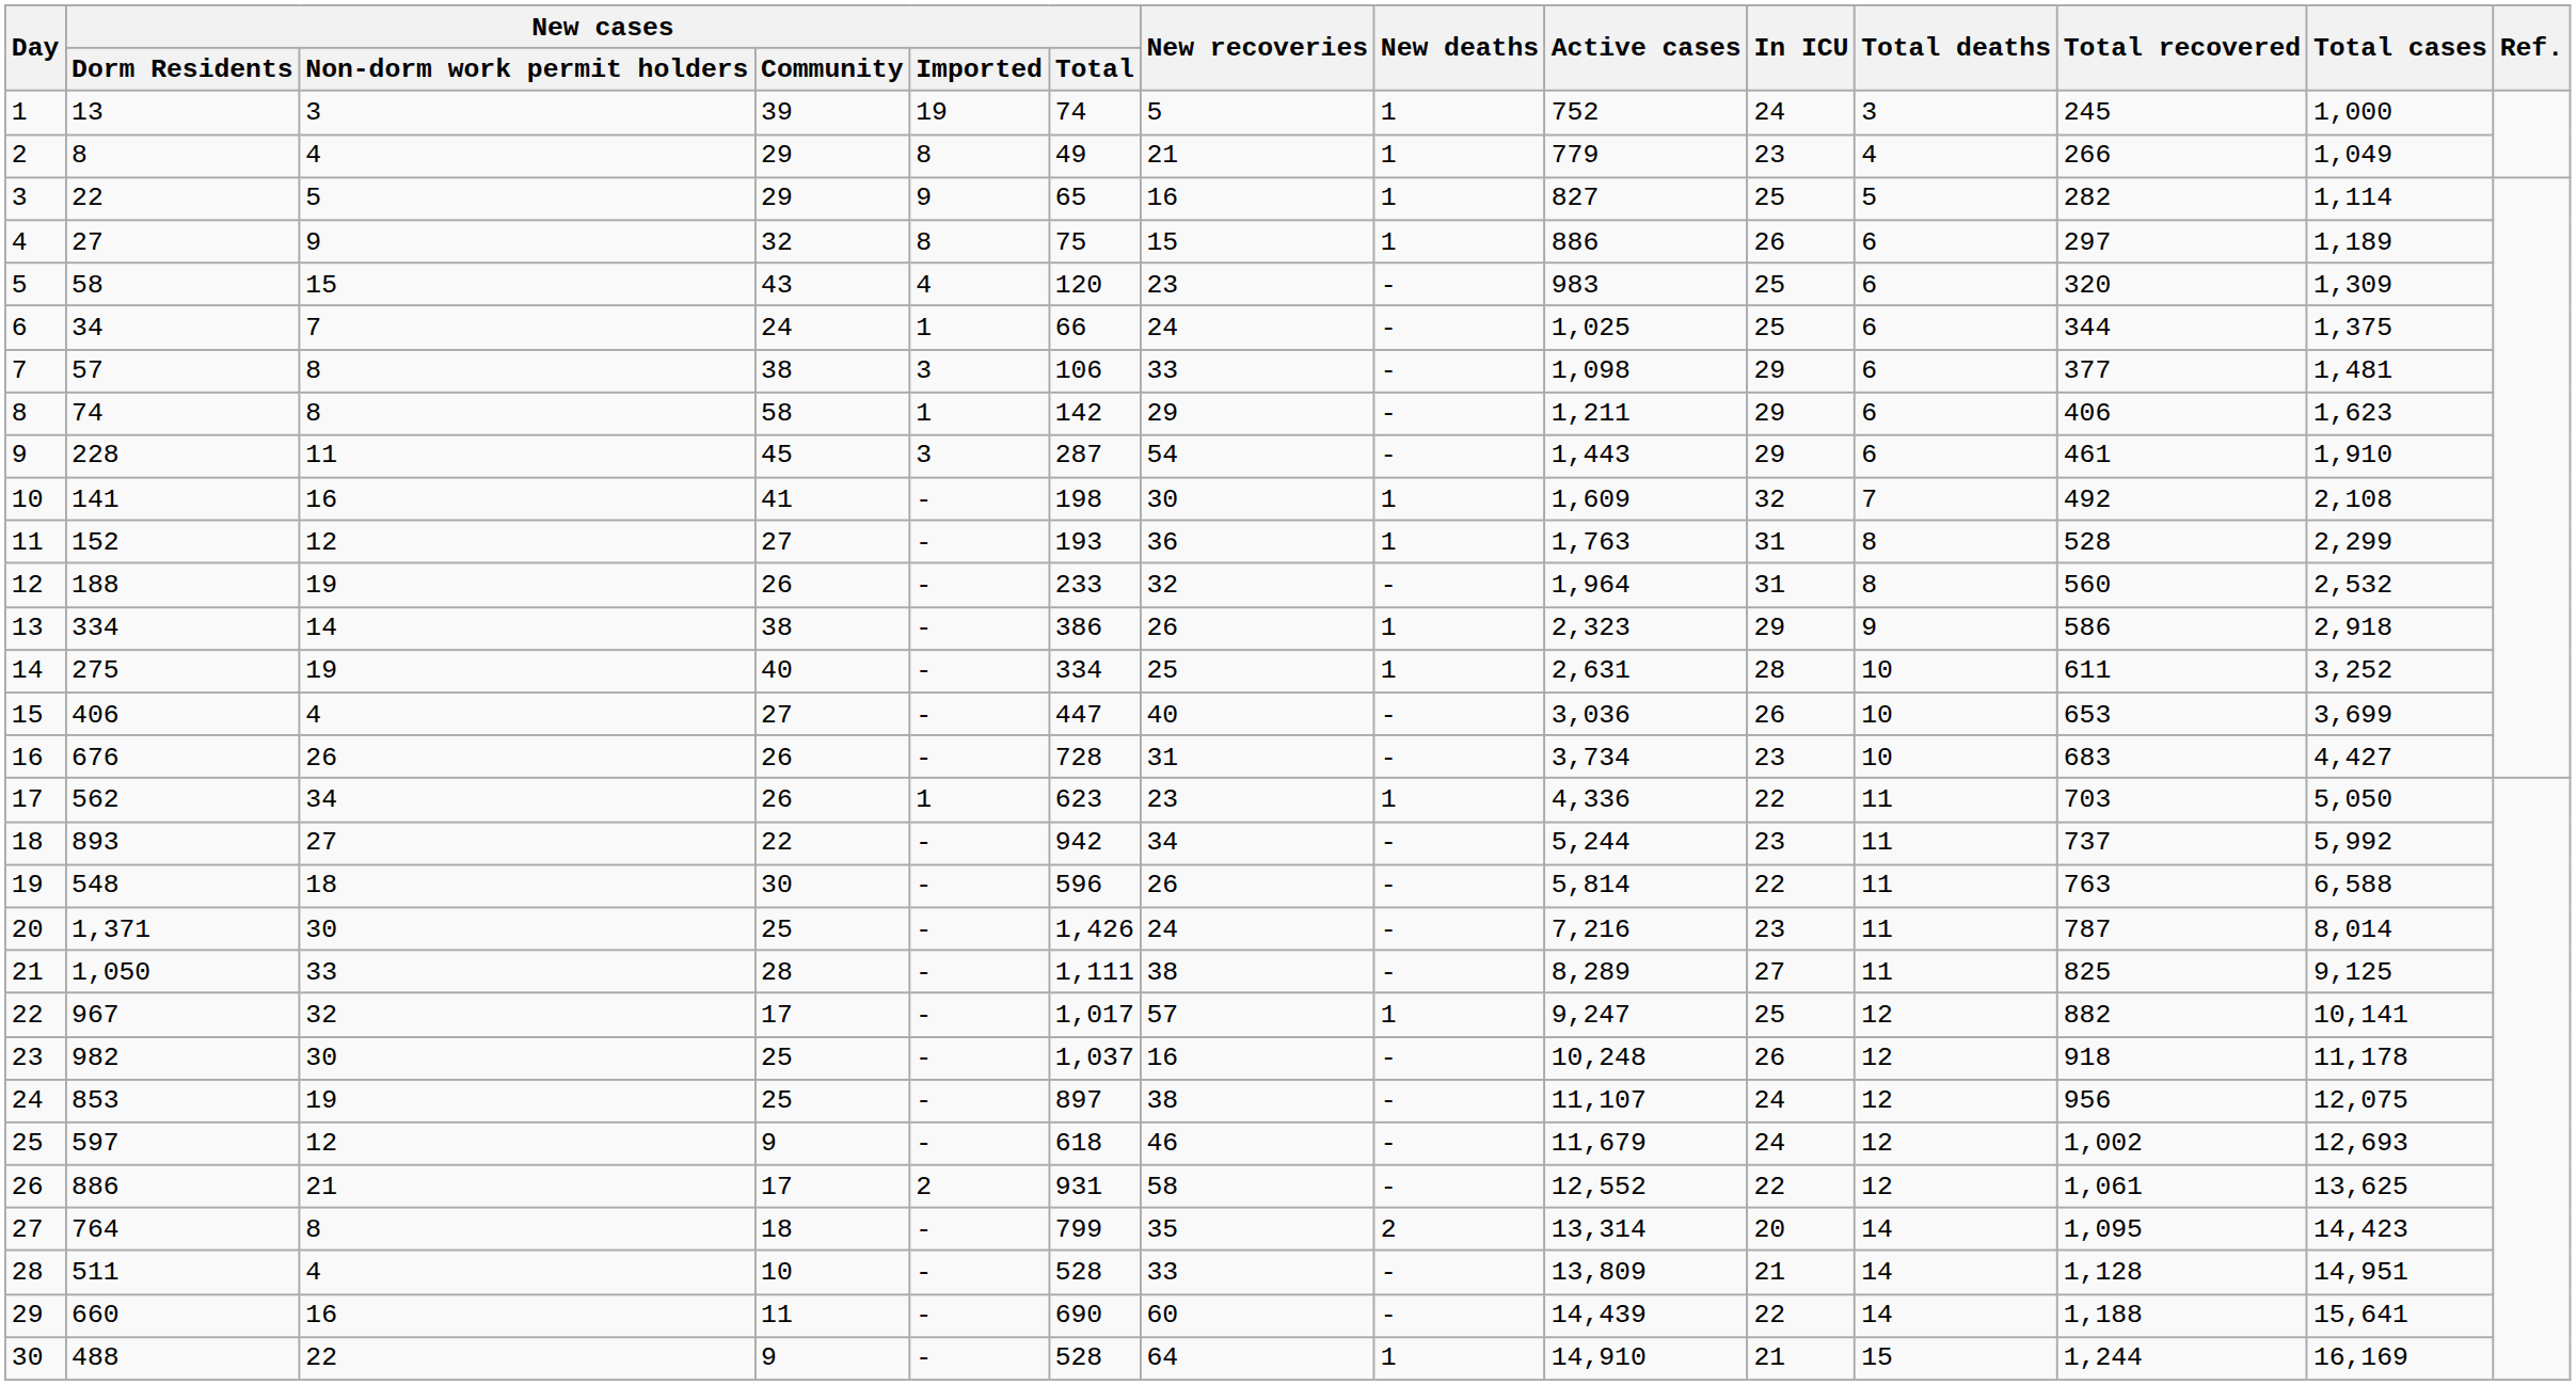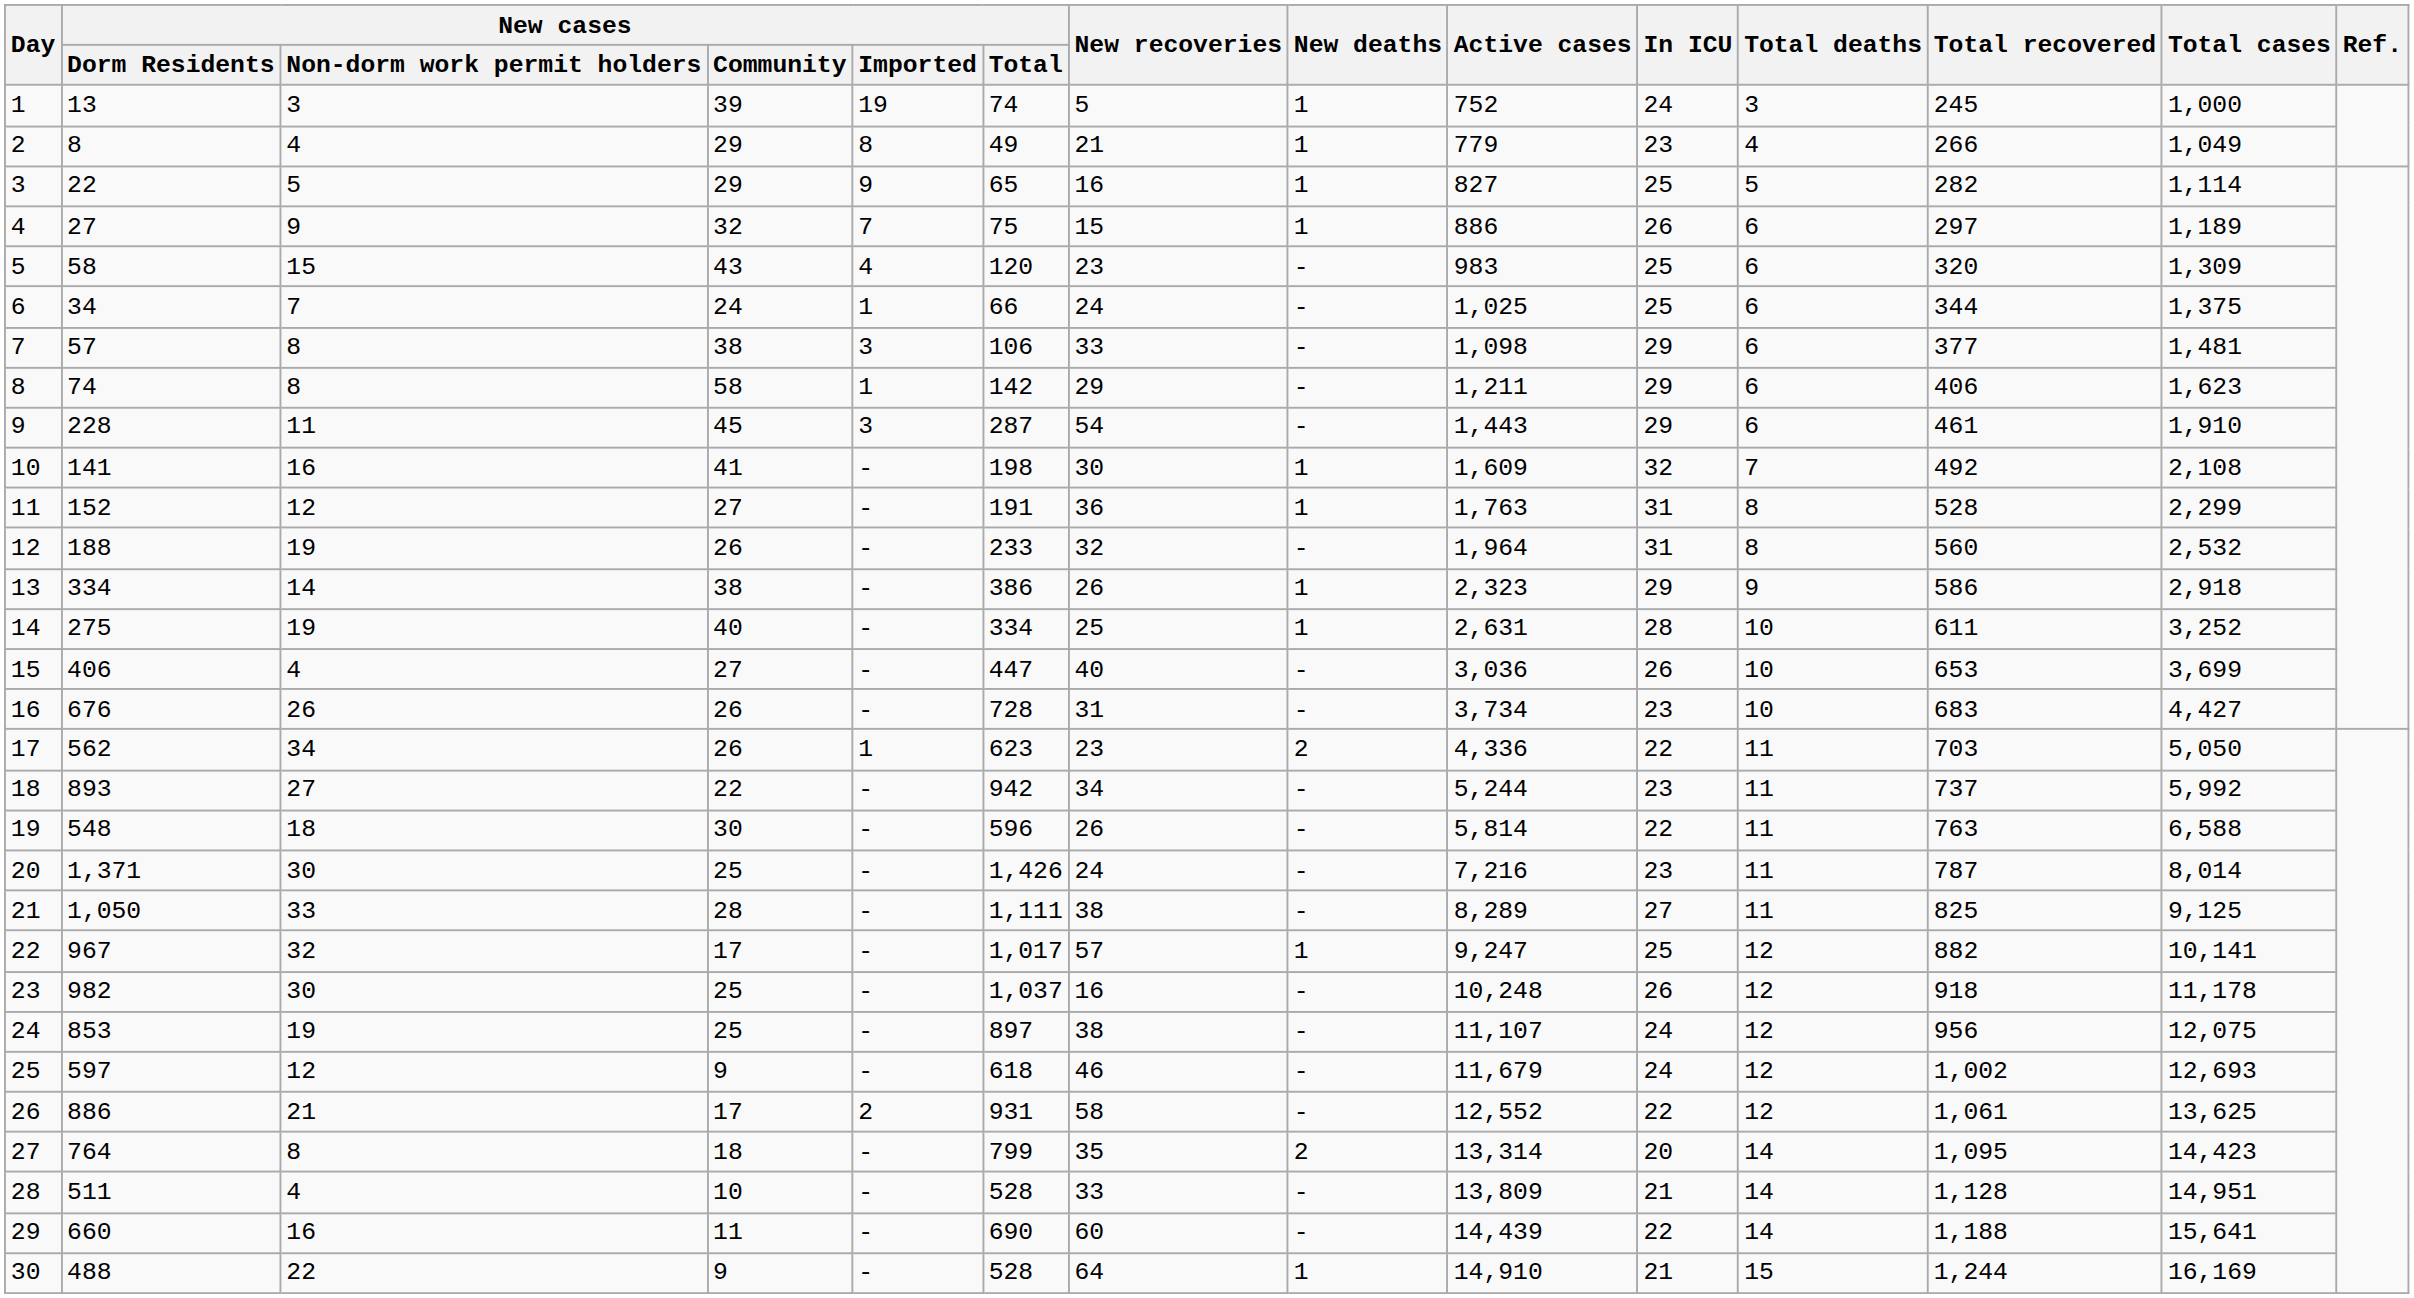 <table class="wikitable">
 <tr>
 <th rowspan="2">Day</th>
 <th colspan="5">New cases</th>
 <th rowspan="2">New recoveries</th>
 <th rowspan="2">New deaths</th>
 <th rowspan="2">Active cases</th>
 <th rowspan="2">In ICU</th>
 <th rowspan="2">Total deaths</th>
 <th rowspan="2">Total recovered</th>
 <th rowspan="2">Total cases</th>
 <th rowspan="2">Ref.</th>
 </tr>
 <tr>
 <th>Dorm Residents</th>
 <th>Non-dorm work permit holders</th>
 <th>Community</th>
 <th>Imported</th>
 <th>Total</th>
 </tr>
 <tr>
 <td>1</td>
 <td>13</td>
 <td>3</td>
 <td>39</td>
 <td>19</td>
 <td>74</td>
 <td>5</td>
 <td>1</td>
 <td>752</td>
 <td>24</td>
 <td>3</td>
 <td>245</td>
 <td>1,000</td>
 <td rowspan="2"></td>
 </tr>
 <tr>
 <td>2</td>
 <td>8</td>
 <td>4</td>
 <td>29</td>
 <td>8</td>
 <td>49</td>
 <td>21</td>
 <td>1</td>
 <td>779</td>
 <td>23</td>
 <td>4</td>
 <td>266</td>
 <td>1,049</td>
 </tr>
 <tr>
 <td>3</td>
 <td>22</td>
 <td>5</td>
 <td>29</td>
 <td>9</td>
 <td>65</td>
 <td>16</td>
 <td>1</td>
 <td>827</td>
 <td>25</td>
 <td>5</td>
 <td>282</td>
 <td>1,114</td>
 <td rowspan="14"></td>
 </tr>
 <tr>
 <td>4</td>
 <td>27</td>
 <td>9</td>
 <td>32</td>
-<td>8</td>
+<td>7</td>
 <td>75</td>
 <td>15</td>
 <td>1</td>
 <td>886</td>
 <td>26</td>
 <td>6</td>
 <td>297</td>
 <td>1,189</td>
 </tr>
 <tr>
 <td>5</td>
 <td>58</td>
 <td>15</td>
 <td>43</td>
 <td>4</td>
 <td>120</td>
 <td>23</td>
 <td>-</td>
 <td>983</td>
 <td>25</td>
 <td>6</td>
 <td>320</td>
 <td>1,309</td>
 </tr>
 <tr>
 <td>6</td>
 <td>34</td>
 <td>7</td>
 <td>24</td>
 <td>1</td>
 <td>66</td>
 <td>24</td>
 <td>-</td>
 <td>1,025</td>
 <td>25</td>
 <td>6</td>
 <td>344</td>
 <td>1,375</td>
 </tr>
 <tr>
 <td>7</td>
 <td>57</td>
 <td>8</td>
 <td>38</td>
 <td>3</td>
 <td>106</td>
 <td>33</td>
 <td>-</td>
 <td>1,098</td>
 <td>29</td>
 <td>6</td>
 <td>377</td>
 <td>1,481</td>
 </tr>
 <tr>
 <td>8</td>
 <td>74</td>
 <td>8</td>
 <td>58</td>
 <td>1</td>
 <td>142</td>
 <td>29</td>
 <td>-</td>
 <td>1,211</td>
 <td>29</td>
 <td>6</td>
 <td>406</td>
 <td>1,623</td>
 </tr>
 <tr>
 <td>9</td>
 <td>228</td>
 <td>11</td>
 <td>45</td>
 <td>3</td>
 <td>287</td>
 <td>54</td>
 <td>-</td>
 <td>1,443</td>
 <td>29</td>
 <td>6</td>
 <td>461</td>
 <td>1,910</td>
 </tr>
 <tr>
 <td>10</td>
 <td>141</td>
 <td>16</td>
 <td>41</td>
 <td>-</td>
 <td>198</td>
 <td>30</td>
 <td>1</td>
 <td>1,609</td>
 <td>32</td>
 <td>7</td>
 <td>492</td>
 <td>2,108</td>
 </tr>
 <tr>
 <td>11</td>
 <td>152</td>
 <td>12</td>
 <td>27</td>
 <td>-</td>
-<td>193</td>
+<td>191</td>
 <td>36</td>
 <td>1</td>
 <td>1,763</td>
 <td>31</td>
 <td>8</td>
 <td>528</td>
 <td>2,299</td>
 </tr>
 <tr>
 <td>12</td>
 <td>188</td>
 <td>19</td>
 <td>26</td>
 <td>-</td>
 <td>233</td>
 <td>32</td>
 <td>-</td>
 <td>1,964</td>
 <td>31</td>
 <td>8</td>
 <td>560</td>
 <td>2,532</td>
 </tr>
 <tr>
 <td>13</td>
 <td>334</td>
 <td>14</td>
 <td>38</td>
 <td>-</td>
 <td>386</td>
 <td>26</td>
 <td>1</td>
 <td>2,323</td>
 <td>29</td>
 <td>9</td>
 <td>586</td>
 <td>2,918</td>
 </tr>
 <tr>
 <td>14</td>
 <td>275</td>
 <td>19</td>
 <td>40</td>
 <td>-</td>
 <td>334</td>
 <td>25</td>
 <td>1</td>
 <td>2,631</td>
 <td>28</td>
 <td>10</td>
 <td>611</td>
 <td>3,252</td>
 </tr>
 <tr>
 <td>15</td>
 <td>406</td>
 <td>4</td>
 <td>27</td>
 <td>-</td>
 <td>447</td>
 <td>40</td>
 <td>-</td>
 <td>3,036</td>
 <td>26</td>
 <td>10</td>
 <td>653</td>
 <td>3,699</td>
 </tr>
 <tr>
 <td>16</td>
 <td>676</td>
 <td>26</td>
 <td>26</td>
 <td>-</td>
 <td>728</td>
 <td>31</td>
 <td>-</td>
 <td>3,734</td>
 <td>23</td>
 <td>10</td>
 <td>683</td>
 <td>4,427</td>
 </tr>
 <tr>
 <td>17</td>
 <td>562</td>
 <td>34</td>
 <td>26</td>
 <td>1</td>
 <td>623</td>
 <td>23</td>
-<td>1</td>
+<td>2</td>
 <td>4,336</td>
 <td>22</td>
 <td>11</td>
 <td>703</td>
 <td>5,050</td>
 <td rowspan="14"></td>
 </tr>
 <tr>
 <td>18</td>
 <td>893</td>
 <td>27</td>
 <td>22</td>
 <td>-</td>
 <td>942</td>
 <td>34</td>
 <td>-</td>
 <td>5,244</td>
 <td>23</td>
 <td>11</td>
 <td>737</td>
 <td>5,992</td>
 </tr>
 <tr>
 <td>19</td>
 <td>548</td>
 <td>18</td>
 <td>30</td>
 <td>-</td>
 <td>596</td>
 <td>26</td>
 <td>-</td>
 <td>5,814</td>
 <td>22</td>
 <td>11</td>
 <td>763</td>
 <td>6,588</td>
 </tr>
 <tr>
 <td>20</td>
 <td>1,371</td>
 <td>30</td>
 <td>25</td>
 <td>-</td>
 <td>1,426</td>
 <td>24</td>
 <td>-</td>
 <td>7,216</td>
 <td>23</td>
 <td>11</td>
 <td>787</td>
 <td>8,014</td>
 </tr>
 <tr>
 <td>21</td>
 <td>1,050</td>
 <td>33</td>
 <td>28</td>
 <td>-</td>
 <td>1,111</td>
 <td>38</td>
 <td>-</td>
 <td>8,289</td>
 <td>27</td>
 <td>11</td>
 <td>825</td>
 <td>9,125</td>
 </tr>
 <tr>
 <td>22</td>
 <td>967</td>
 <td>32</td>
 <td>17</td>
 <td>-</td>
 <td>1,017</td>
 <td>57</td>
 <td>1</td>
 <td>9,247</td>
 <td>25</td>
 <td>12</td>
 <td>882</td>
 <td>10,141</td>
 </tr>
 <tr>
 <td>23</td>
 <td>982</td>
 <td>30</td>
 <td>25</td>
 <td>-</td>
 <td>1,037</td>
 <td>16</td>
 <td>-</td>
 <td>10,248</td>
 <td>26</td>
 <td>12</td>
 <td>918</td>
 <td>11,178</td>
 </tr>
 <tr>
 <td>24</td>
 <td>853</td>
 <td>19</td>
 <td>25</td>
 <td>-</td>
 <td>897</td>
 <td>38</td>
 <td>-</td>
 <td>11,107</td>
 <td>24</td>
 <td>12</td>
 <td>956</td>
 <td>12,075</td>
 </tr>
 <tr>
 <td>25</td>
 <td>597</td>
 <td>12</td>
 <td>9</td>
 <td>-</td>
 <td>618</td>
 <td>46</td>
 <td>-</td>
 <td>11,679</td>
 <td>24</td>
 <td>12</td>
 <td>1,002</td>
 <td>12,693</td>
 </tr>
 <tr>
 <td>26</td>
 <td>886</td>
 <td>21</td>
 <td>17</td>
 <td>2</td>
 <td>931</td>
 <td>58</td>
 <td>-</td>
 <td>12,552</td>
 <td>22</td>
 <td>12</td>
 <td>1,061</td>
 <td>13,625</td>
 </tr>
 <tr>
 <td>27</td>
 <td>764</td>
 <td>8</td>
 <td>18</td>
 <td>-</td>
 <td>799</td>
 <td>35</td>
 <td>2</td>
 <td>13,314</td>
 <td>20</td>
 <td>14</td>
 <td>1,095</td>
 <td>14,423</td>
 </tr>
 <tr>
 <td>28</td>
 <td>511</td>
 <td>4</td>
 <td>10</td>
 <td>-</td>
 <td>528</td>
 <td>33</td>
 <td>-</td>
 <td>13,809</td>
 <td>21</td>
 <td>14</td>
 <td>1,128</td>
 <td>14,951</td>
 </tr>
 <tr>
 <td>29</td>
 <td>660</td>
 <td>16</td>
 <td>11</td>
 <td>-</td>
 <td>690</td>
 <td>60</td>
 <td>-</td>
 <td>14,439</td>
 <td>22</td>
 <td>14</td>
 <td>1,188</td>
 <td>15,641</td>
 </tr>
 <tr>
 <td>30</td>
 <td>488</td>
 <td>22</td>
 <td>9</td>
 <td>-</td>
 <td>528</td>
 <td>64</td>
 <td>1</td>
 <td>14,910</td>
 <td>21</td>
 <td>15</td>
 <td>1,244</td>
 <td>16,169</td>
 </tr>
 </table>
